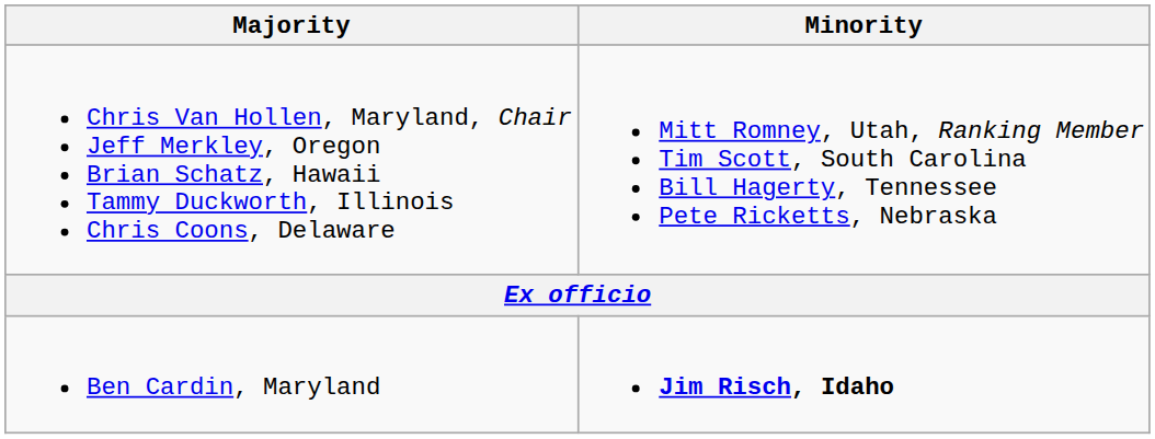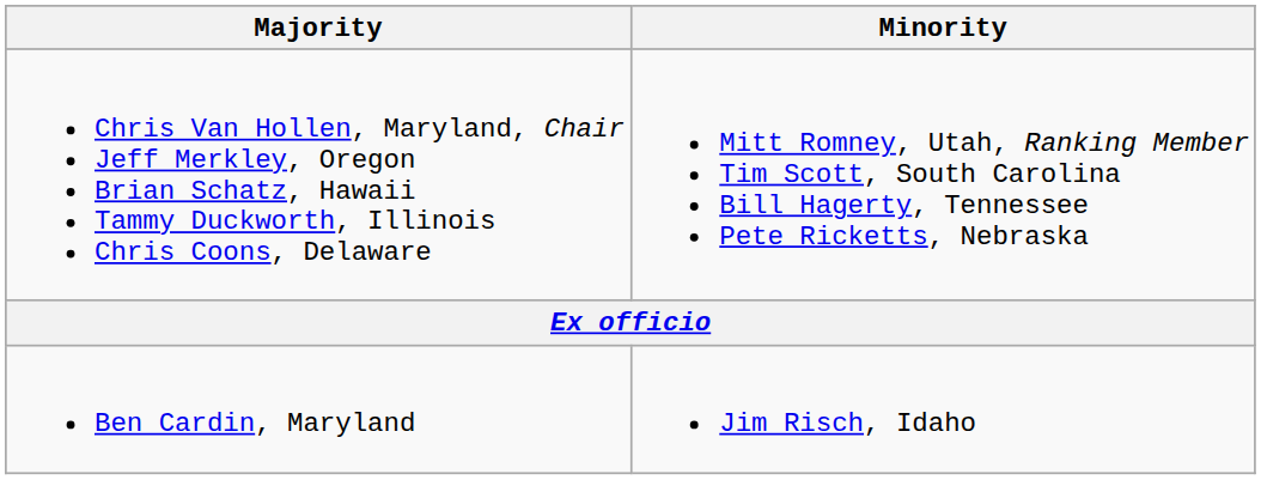 <table class=wikitable>
 <tr>
 <th>Majority</th>
 <th>Minority</th>
 </tr>
 <tr>
 <td><br><ul><li><a href='#'>Chris Van Hollen</a>, Maryland, <em>Chair</em></li><li><a href='#'>Jeff Merkley</a>, Oregon</li><li><a href='#'>Brian Schatz</a>, Hawaii</li><li><a href='#'>Tammy Duckworth</a>, Illinois</li><li><a href='#'>Chris Coons</a>, Delaware</li></ul></td>
 <td><br><ul><li><a href='#'>Mitt Romney</a>, Utah, <em>Ranking Member</em></li><li><a href='#'>Tim Scott</a>, South Carolina</li><li><a href='#'>Bill Hagerty</a>, Tennessee</li><li><a href='#'>Pete Ricketts</a>, Nebraska</li></ul></td>
 </tr>
 <tr>
 <th colspan=2><em><a href='#'>Ex officio</a></em></th>
 </tr>
 <tr>
 <td><br><ul><li><a href='#'>Ben Cardin</a>, Maryland</li></ul></td>
-<td><strong><br><ul><li><a href='#'>Jim Risch</a>, Idaho</li></ul></strong></td>
+<td><br><ul><li><a href='#'>Jim Risch</a>, Idaho</li></ul></td>
 </tr>
 </table>
